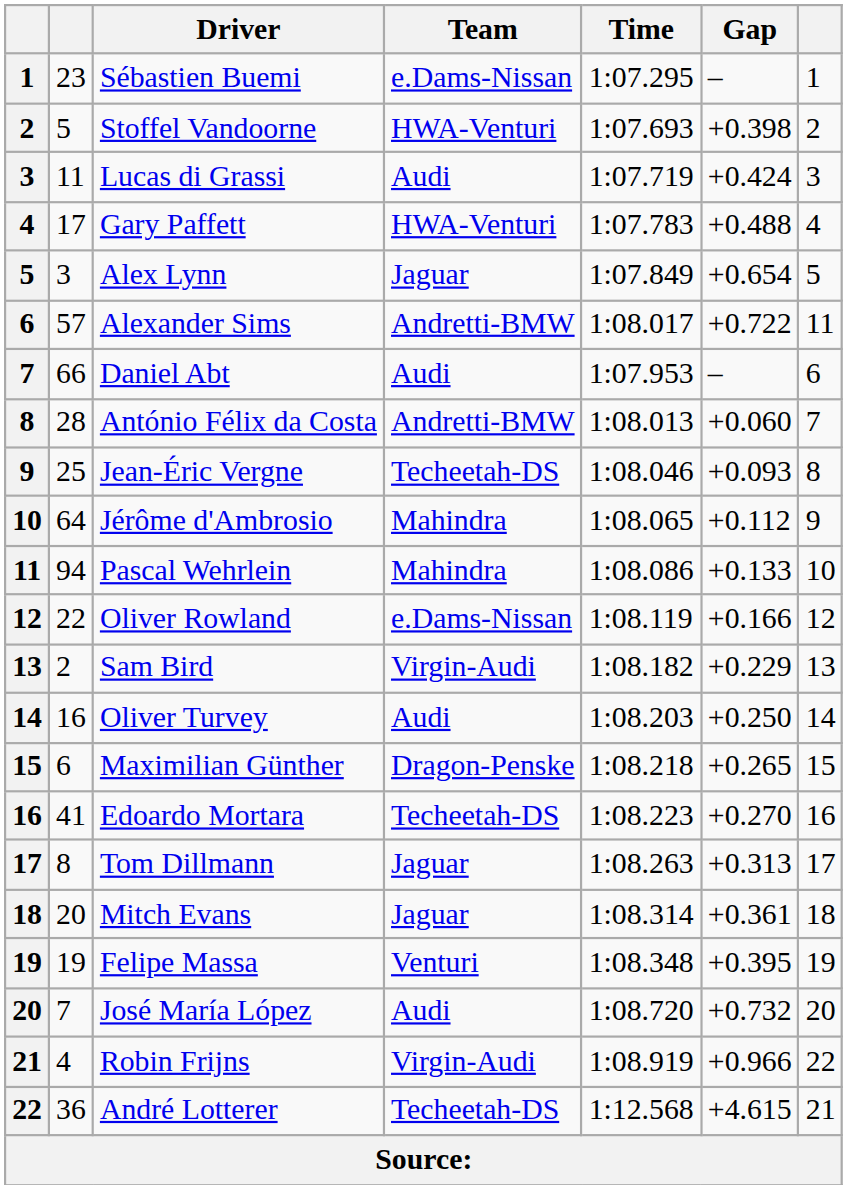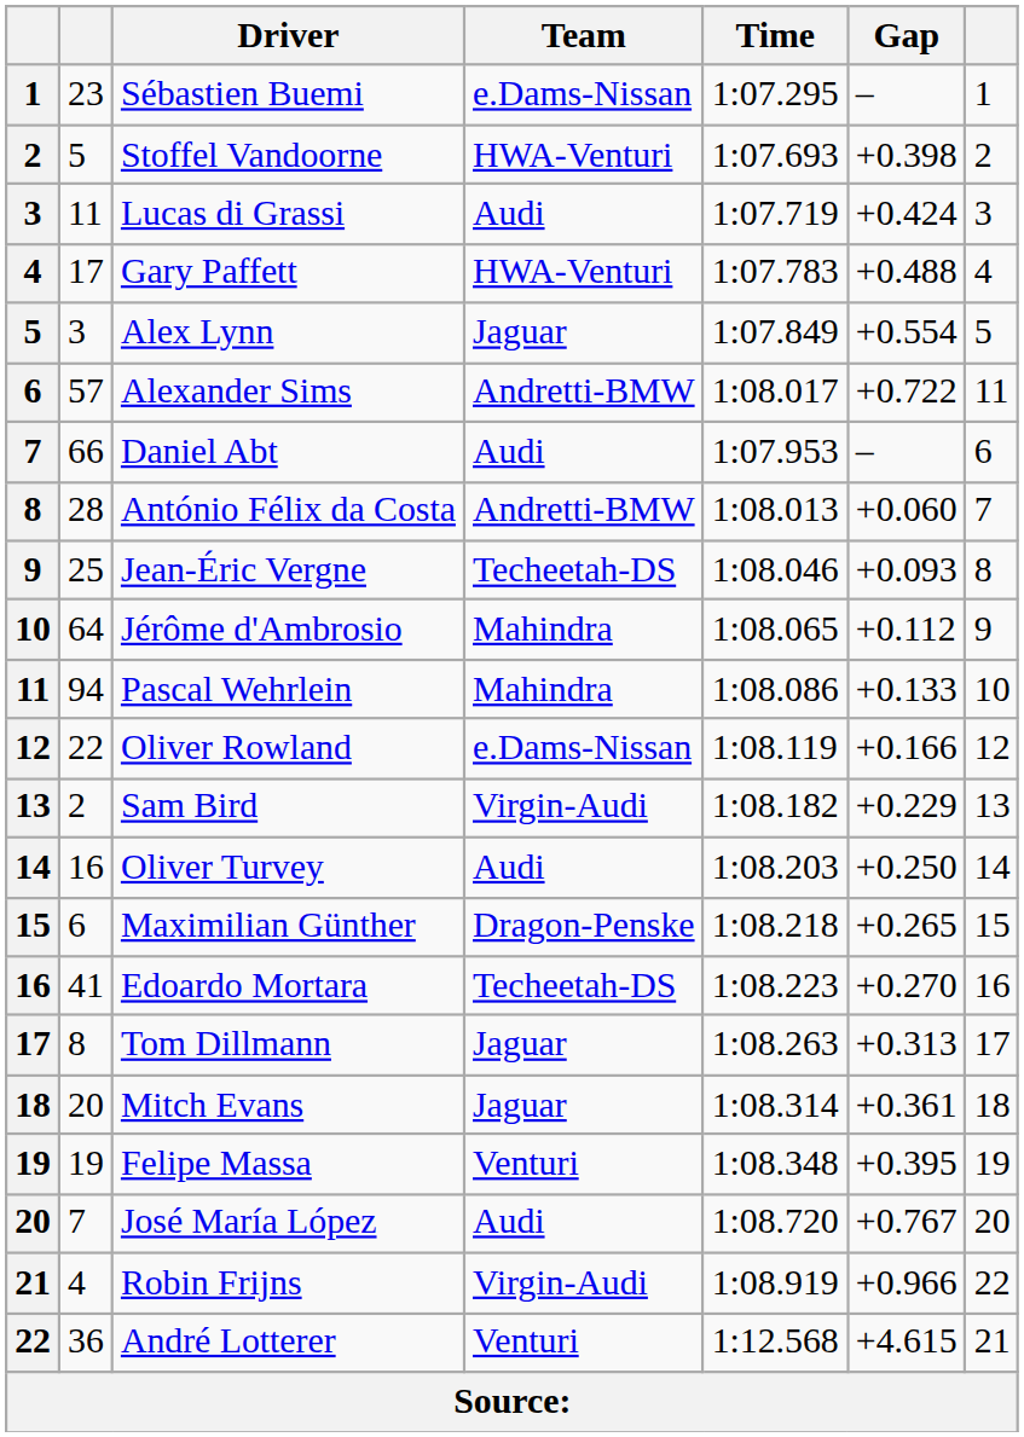 <table class="wikitable" style="font-size: 85%">
 <tr>
 <th scope="col"></th>
 <th scope="col"></th>
 <th scope="col">Driver</th>
 <th scope="col">Team</th>
 <th scope="col">Time</th>
 <th scope="col">Gap</th>
 <th scope="col"></th>
 </tr>
 <tr>
 <th scope="row">1</th>
 <td>23</td>
 <td> <a href='#'>Sébastien Buemi</a></td>
 <td><a href='#'>e.Dams-Nissan</a></td>
 <td>1:07.295</td>
 <td>–</td>
 <td>1</td>
 </tr>
 <tr>
 <th scope="row">2</th>
 <td>5</td>
 <td> <a href='#'>Stoffel Vandoorne</a></td>
 <td><a href='#'>HWA-Venturi</a></td>
 <td>1:07.693</td>
 <td>+0.398</td>
 <td>2</td>
 </tr>
 <tr>
 <th scope="row">3</th>
 <td>11</td>
 <td> <a href='#'>Lucas di Grassi</a></td>
 <td><a href='#'>Audi</a></td>
 <td>1:07.719</td>
 <td>+0.424</td>
 <td>3</td>
 </tr>
 <tr>
 <th scope="row">4</th>
 <td>17</td>
 <td> <a href='#'>Gary Paffett</a></td>
 <td><a href='#'>HWA-Venturi</a></td>
 <td>1:07.783</td>
 <td>+0.488</td>
 <td>4</td>
 </tr>
 <tr>
 <th scope="row">5</th>
 <td>3</td>
 <td> <a href='#'>Alex Lynn</a></td>
 <td><a href='#'>Jaguar</a></td>
 <td>1:07.849</td>
-<td>+0.654</td>
+<td>+0.554</td>
 <td>5</td>
 </tr>
 <tr>
 <th scope="row">6</th>
 <td>57</td>
 <td> <a href='#'>Alexander Sims</a></td>
 <td><a href='#'>Andretti-BMW</a></td>
 <td>1:08.017</td>
 <td>+0.722</td>
 <td>11</td>
 </tr>
 <tr>
 <th scope="row">7</th>
 <td>66</td>
 <td> <a href='#'>Daniel Abt</a></td>
 <td><a href='#'>Audi</a></td>
 <td>1:07.953</td>
 <td>–</td>
 <td>6</td>
 </tr>
 <tr>
 <th scope="row">8</th>
 <td>28</td>
 <td> <a href='#'>António Félix da Costa</a></td>
 <td><a href='#'>Andretti-BMW</a></td>
 <td>1:08.013</td>
 <td>+0.060</td>
 <td>7</td>
 </tr>
 <tr>
 <th scope="row">9</th>
 <td>25</td>
 <td> <a href='#'>Jean-Éric Vergne</a></td>
 <td><a href='#'>Techeetah-DS</a></td>
 <td>1:08.046</td>
 <td>+0.093</td>
 <td>8</td>
 </tr>
 <tr>
 <th scope="row">10</th>
 <td>64</td>
 <td> <a href='#'>Jérôme d'Ambrosio</a></td>
 <td><a href='#'>Mahindra</a></td>
 <td>1:08.065</td>
 <td>+0.112</td>
 <td>9</td>
 </tr>
 <tr>
 <th scope="row">11</th>
 <td>94</td>
 <td> <a href='#'>Pascal Wehrlein</a></td>
 <td><a href='#'>Mahindra</a></td>
 <td>1:08.086</td>
 <td>+0.133</td>
 <td>10</td>
 </tr>
 <tr>
 <th scope="row">12</th>
 <td>22</td>
 <td> <a href='#'>Oliver Rowland</a></td>
 <td><a href='#'>e.Dams-Nissan</a></td>
 <td>1:08.119</td>
 <td>+0.166</td>
 <td>12</td>
 </tr>
 <tr>
 <th scope="row">13</th>
 <td>2</td>
 <td> <a href='#'>Sam Bird</a></td>
 <td><a href='#'>Virgin-Audi</a></td>
 <td>1:08.182</td>
 <td>+0.229</td>
 <td>13</td>
 </tr>
 <tr>
 <th scope="row">14</th>
 <td>16</td>
 <td> <a href='#'>Oliver Turvey</a></td>
 <td><a href='#'>Audi</a></td>
 <td>1:08.203</td>
 <td>+0.250</td>
 <td>14</td>
 </tr>
 <tr>
 <th scope="row">15</th>
 <td>6</td>
 <td> <a href='#'>Maximilian Günther</a></td>
 <td><a href='#'>Dragon-Penske</a></td>
 <td>1:08.218</td>
 <td>+0.265</td>
 <td>15</td>
 </tr>
 <tr>
 <th scope="row">16</th>
 <td>41</td>
 <td> <a href='#'>Edoardo Mortara</a></td>
 <td><a href='#'>Techeetah-DS</a></td>
 <td>1:08.223</td>
 <td>+0.270</td>
 <td>16</td>
 </tr>
 <tr>
 <th scope="row">17</th>
 <td>8</td>
 <td> <a href='#'>Tom Dillmann</a></td>
 <td><a href='#'>Jaguar</a></td>
 <td>1:08.263</td>
 <td>+0.313</td>
 <td>17</td>
 </tr>
 <tr>
 <th scope="row">18</th>
 <td>20</td>
 <td> <a href='#'>Mitch Evans</a></td>
 <td><a href='#'>Jaguar</a></td>
 <td>1:08.314</td>
 <td>+0.361</td>
 <td>18</td>
 </tr>
 <tr>
 <th scope="row">19</th>
 <td>19</td>
 <td> <a href='#'>Felipe Massa</a></td>
 <td><a href='#'>Venturi</a></td>
 <td>1:08.348</td>
 <td>+0.395</td>
 <td>19</td>
 </tr>
 <tr>
 <th scope="row">20</th>
 <td>7</td>
 <td> <a href='#'>José María López</a></td>
 <td><a href='#'>Audi</a></td>
 <td>1:08.720</td>
-<td>+0.732</td>
+<td>+0.767</td>
 <td>20</td>
 </tr>
 <tr>
 <th scope="row">21</th>
 <td>4</td>
 <td> <a href='#'>Robin Frijns</a></td>
 <td><a href='#'>Virgin-Audi</a></td>
 <td>1:08.919</td>
 <td>+0.966</td>
 <td>22</td>
 </tr>
 <tr>
 <th scope="row">22</th>
 <td>36</td>
 <td> <a href='#'>André Lotterer</a></td>
-<td><a href='#'>Techeetah-DS</a></td>
+<td><a href='#'>Venturi</a></td>
 <td>1:12.568</td>
 <td>+4.615</td>
 <td>21</td>
 </tr>
 <tr>
 <th colspan="7">Source:</th>
 </tr>
 <tr>
 </tr>
 </table>
